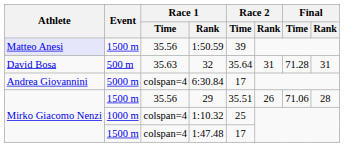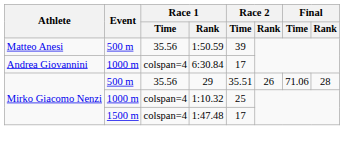 <table class="wikitable" style="font-size:90%">
 <tr>
 <th rowspan=2>Athlete</th>
 <th rowspan=2>Event</th>
 <th colspan=2>Race 1</th>
 <th colspan=2>Race 2</th>
 <th colspan=2>Final</th>
 </tr>
 <tr style="font-size:95%">
 <th>Time</th>
 <th>Rank</th>
 <th>Time</th>
 <th>Rank</th>
 <th>Time</th>
 <th>Rank</th>
 </tr>
 <tr align=center>
-<td align=left style="background: lavender;"><a href='#'>Matteo Anesi</a></td>
-<td align=left><a href='#'>1500 m</a></td>
+<td align=left><a href='#'>Matteo Anesi</a></td>
+<td align=left><a href='#'>500 m</a></td>
 <td>35.56</td>
 <td>1:50.59</td>
 <td>39</td>
 </tr>
 <tr align=center>
-<td align=left><a href='#'>David Bosa</a></td>
-<td align=left><a href='#'>500 m</a></td>
-<td>35.63</td>
-<td>32</td>
-<td>35.64</td>
-<td>31</td>
-<td>71.28</td>
-<td>31</td>
-</tr>
-<tr align=center>
 <td align=left><a href='#'>Andrea Giovannini</a></td>
-<td align=left><a href='#'>5000 m</a></td>
+<td align=left><a href='#'>1000 m</a></td>
 <td>colspan=4 </td>
 <td>6:30.84</td>
 <td>17</td>
 </tr>
 <tr align=center>
 <td align=left rowspan=3><a href='#'>Mirko Giacomo Nenzi</a></td>
-<td align=left><a href='#'>1500 m</a></td>
+<td align=left><a href='#'>500 m</a></td>
 <td>35.56</td>
 <td>29</td>
 <td>35.51</td>
 <td>26</td>
 <td>71.06</td>
 <td>28</td>
 </tr>
 <tr align=center>
 <td align=left><a href='#'>1000 m</a></td>
 <td>colspan=4 </td>
 <td>1:10.32</td>
 <td>25</td>
 </tr>
 <tr align=center>
 <td align=left><a href='#'>1500 m</a></td>
 <td>colspan=4 </td>
 <td>1:47.48</td>
 <td>17</td>
 </tr>
 </table>
